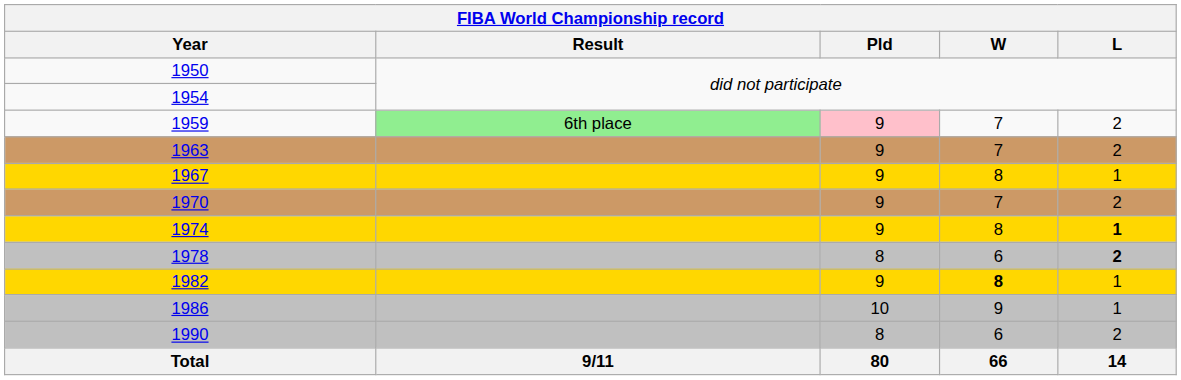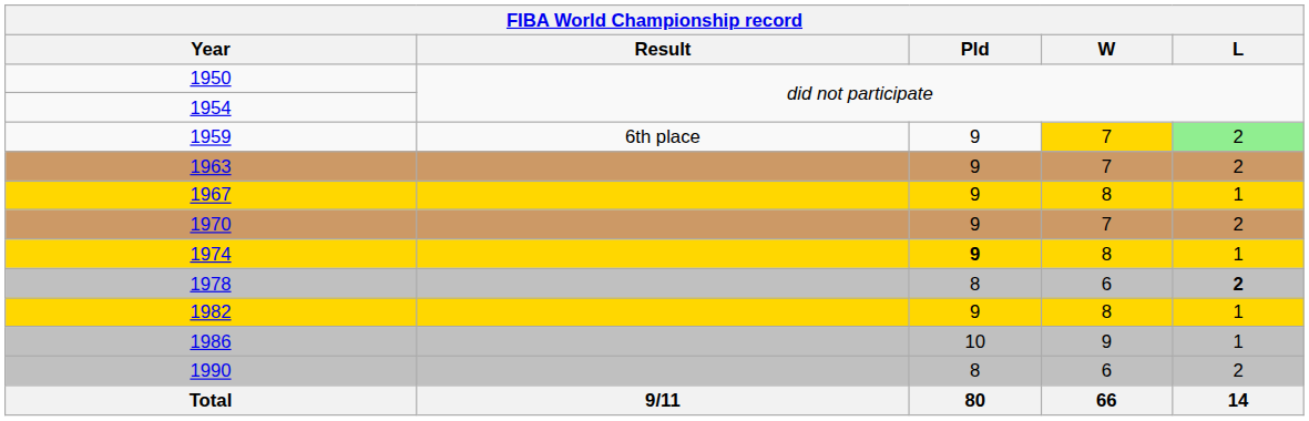 <table class="wikitable" width=80% style="text-align: center;font-size:90%;">
 <tr>
 <th colspan=5><a href='#'>FIBA World Championship record</a></th>
 </tr>
 <tr>
 <th width=25%>Year</th>
 <th width=30%>Result</th>
 <th width=8%>Pld</th>
 <th width=8%>W</th>
 <th width=8%>L</th>
 </tr>
 <tr>
 <td> <a href='#'>1950</a></td>
 <td rowspan=2 colspan=4><em>did not participate</em></td>
 </tr>
 <tr>
 <td> <a href='#'>1954</a></td>
 </tr>
 <tr>
 <td> <a href='#'>1959</a></td>
-<td style="background: lightgreen;">6th place</td>
-<td style="background: pink;">9</td>
-<td>7</td>
-<td>2</td>
+<td>6th place</td>
+<td>9</td>
+<td style="background: gold;">7</td>
+<td style="background: lightgreen;">2</td>
 </tr>
 <tr bgcolor=cc9966>
 <td> <a href='#'>1963</a></td>
 <td></td>
 <td>9</td>
 <td>7</td>
 <td>2</td>
 </tr>
 <tr bgcolor=gold>
 <td> <a href='#'>1967</a></td>
 <td></td>
 <td>9</td>
 <td>8</td>
 <td>1</td>
 </tr>
 <tr bgcolor=cc9966>
 <td> <a href='#'>1970</a></td>
 <td></td>
 <td>9</td>
 <td>7</td>
 <td>2</td>
 </tr>
 <tr bgcolor=gold>
 <td> <a href='#'>1974</a></td>
 <td></td>
-<td>9</td>
+<td><strong>9</strong></td>
 <td>8</td>
-<td><strong>1</strong></td>
+<td>1</td>
 </tr>
 <tr bgcolor=silver>
 <td> <a href='#'>1978</a></td>
 <td></td>
 <td>8</td>
 <td>6</td>
 <td><strong>2</strong></td>
 </tr>
 <tr bgcolor=gold>
 <td> <a href='#'>1982</a></td>
 <td></td>
 <td>9</td>
-<td><strong>8</strong></td>
+<td>8</td>
 <td>1</td>
 </tr>
 <tr bgcolor=silver>
 <td> <a href='#'>1986</a></td>
 <td></td>
 <td>10</td>
 <td>9</td>
 <td>1</td>
 </tr>
 <tr bgcolor=silver>
 <td> <a href='#'>1990</a></td>
 <td></td>
 <td>8</td>
 <td>6</td>
 <td>2</td>
 </tr>
 <tr>
 <th>Total</th>
 <th>9/11</th>
 <th>80</th>
 <th>66</th>
 <th>14</th>
 </tr>
 </table>
